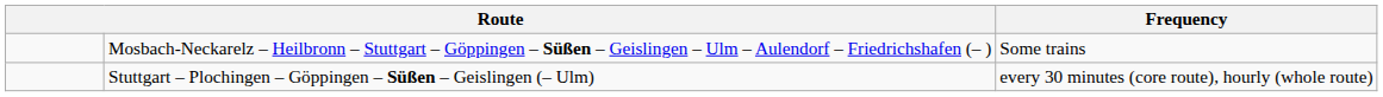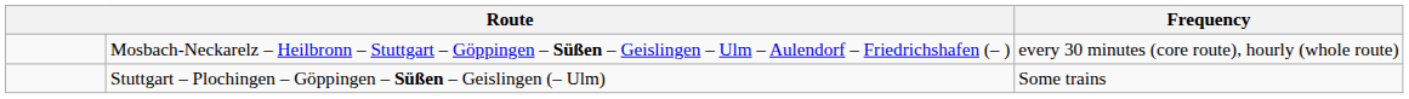 <table class="wikitable">
 <tr>
 <th colspan="2">Route</th>
 <th>Frequency</th>
 </tr>
 <tr>
 <td align="center" style="width:5em"></td>
 <td>Mosbach-Neckarelz – <a href='#'>Heilbronn</a> – <a href='#'>Stuttgart</a> – <a href='#'>Göppingen</a> –  <strong>Süßen</strong> – <a href='#'>Geislingen</a> – <a href='#'>Ulm</a> – <a href='#'>Aulendorf</a> – <a href='#'>Friedrichshafen</a> (– )</td>
-<td>Some trains</td>
+<td>every 30 minutes (core route), hourly (whole route)</td>
 </tr>
 <tr>
 <td align="center"></td>
 <td>Stuttgart – Plochingen – Göppingen – <strong>Süßen</strong> – Geislingen (– Ulm)</td>
-<td>every 30 minutes (core route), hourly (whole route)</td>
+<td>Some trains</td>
 </tr>
 </table>
